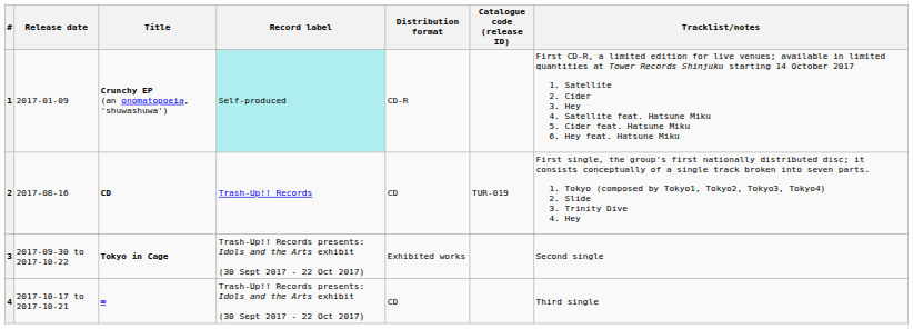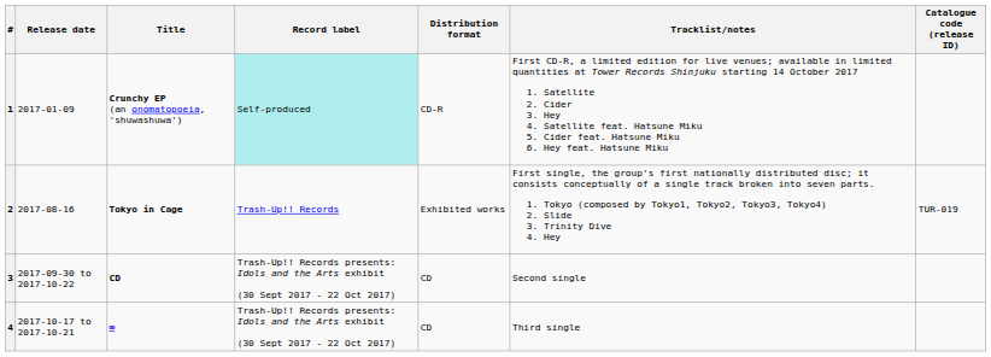 <table class="wikitable" style="font-size:small">
 <tr>
 <th>#</th>
 <th>Release date</th>
 <th>Title</th>
 <th>Record label</th>
 <th>Distribution format</th>
+<th>Tracklist/notes</th>
 <th>Catalogue code<br>(release ID)</th>
-<th>Tracklist/notes</th>
 </tr>
 <tr>
 <th>1</th>
 <td>2017-01-09</td>
 <td><strong>Crunchy EP</strong><br>(an <a href='#'>onomatopoeia</a>, 'shuwashuwa')</td>
 <td style="background: paleturquoise;">Self-produced</td>
 <td>CD-R</td>
+<td style="text-align:left">First CD-R, a limited edition for live venues; available in limited quantities at <em>Tower Records Shinjuku</em> starting 14 October 2017<br><ol><li>Satellite</li><li>Cider</li><li>Hey</li><li>Satellite feat. Hatsune Miku</li><li>Cider feat. Hatsune Miku</li><li>Hey feat. Hatsune Miku</li></ol></td>
 <td></td>
-<td style="text-align:left">First CD-R, a limited edition for live venues; available in limited quantities at <em>Tower Records Shinjuku</em> starting 14 October 2017<br><ol><li>Satellite</li><li>Cider</li><li>Hey</li><li>Satellite feat. Hatsune Miku</li><li>Cider feat. Hatsune Miku</li><li>Hey feat. Hatsune Miku</li></ol></td>
 </tr>
 <tr>
 <th>2</th>
 <td>2017-08-16</td>
-<td><strong>CD</strong></td>
+<td><strong>Tokyo in Cage</strong></td>
 <td><a href='#'>Trash-Up!! Records</a></td>
-<td>CD</td>
+<td>Exhibited works</td>
+<td style="text-align:left">First single, the group's first nationally distributed disc; it consists conceptually of a single track broken into seven parts.<br><ol><li>Tokyo (composed by Tokyo1, Tokyo2, Tokyo3, Tokyo4)</li><li>Slide</li><li>Trinity Dive</li><li>Hey</li></ol></td>
 <td>TUR-019</td>
-<td style="text-align:left">First single, the group's first nationally distributed disc; it consists conceptually of a single track broken into seven parts.<br><ol><li>Tokyo (composed by Tokyo1, Tokyo2, Tokyo3, Tokyo4)</li><li>Slide</li><li>Trinity Dive</li><li>Hey</li></ol></td>
 </tr>
 <tr>
 <th>3</th>
 <td>2017-09-30 to 2017-10-22</td>
-<td><strong>Tokyo in Cage</strong></td>
+<td><strong>CD</strong></td>
 <td>Trash-Up!! Records presents: <em>Idols and the Arts</em> exhibit<br><br>(30 Sept 2017 - 22 Oct 2017)</td>
-<td>Exhibited works</td>
+<td>CD</td>
+<td>Second single</td>
 <td></td>
-<td>Second single</td>
 </tr>
 <tr>
 <th>4</th>
 <td>2017-10-17 to 2017-10-21</td>
 <td><strong><a href='#'>∞</a></strong></td>
 <td>Trash-Up!! Records presents: <em>Idols and the Arts</em> exhibit<br><br>(30 Sept 2017 - 22 Oct 2017)</td>
 <td>CD</td>
+<td>Third single</td>
 <td></td>
-<td>Third single</td>
 </tr>
 </table>
